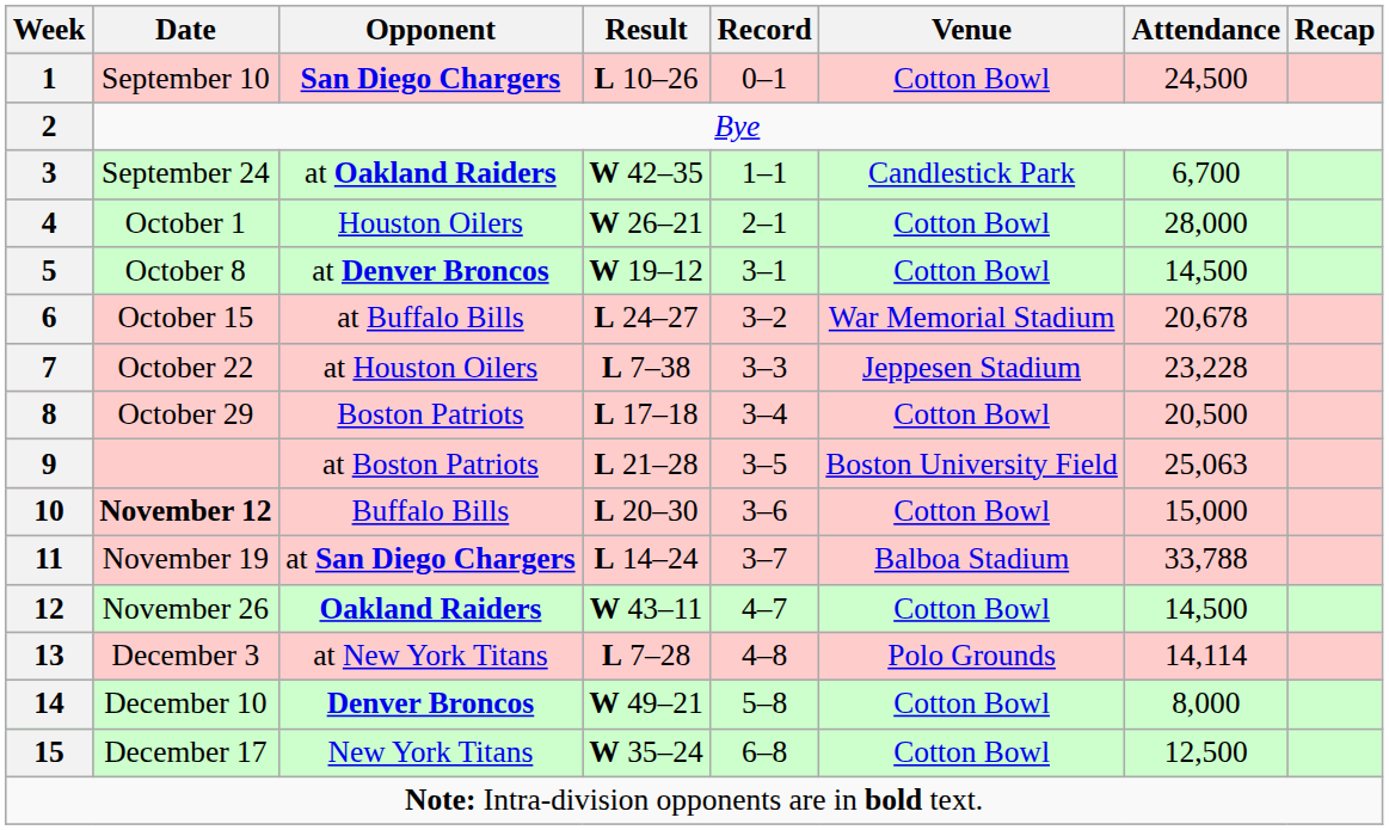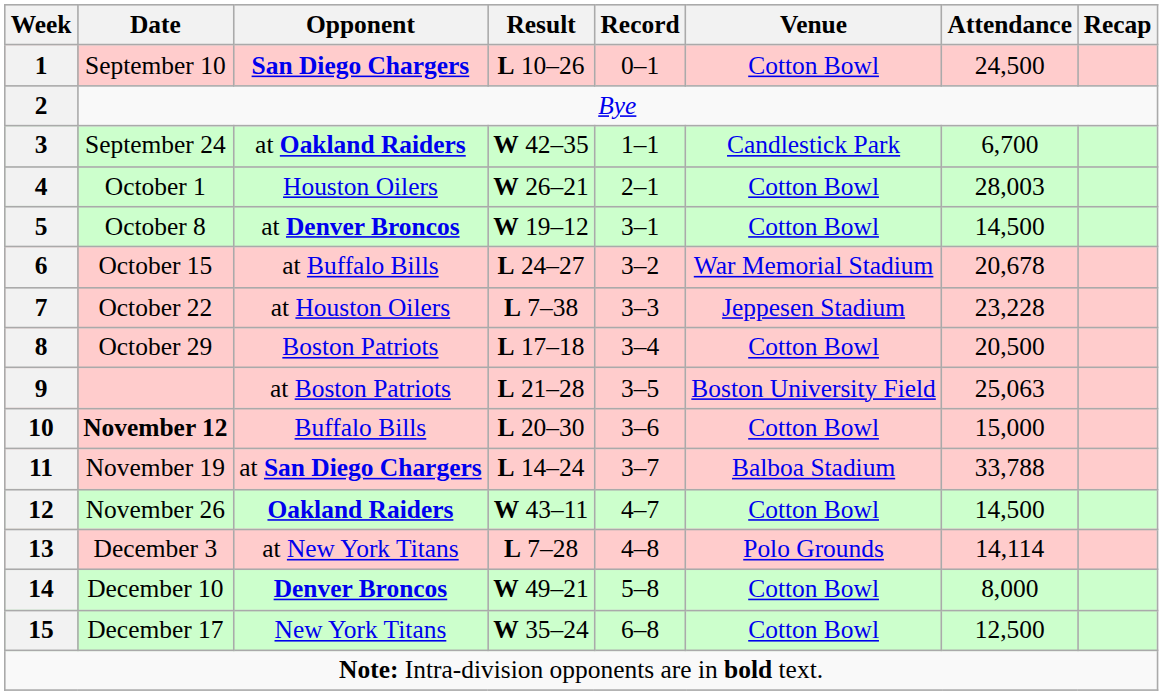 <table class="wikitable" style="text-align:center">
 <tr>
 <th>Week</th>
 <th>Date</th>
 <th>Opponent</th>
 <th>Result</th>
 <th>Record</th>
 <th>Venue</th>
 <th>Attendance</th>
 <th>Recap</th>
 </tr>
 <tr style="background:#fcc">
 <th>1</th>
 <td>September 10</td>
 <td><strong><a href='#'>San Diego Chargers</a></strong></td>
 <td><strong>L</strong> 10–26</td>
 <td>0–1</td>
 <td><a href='#'>Cotton Bowl</a></td>
 <td>24,500</td>
 <td></td>
 </tr>
 <tr>
 <th>2</th>
 <td colspan="7"><em><a href='#'>Bye</a></em></td>
 </tr>
 <tr style="background:#cfc">
 <th>3</th>
 <td>September 24</td>
 <td>at <strong><a href='#'>Oakland Raiders</a></strong></td>
 <td><strong>W</strong> 42–35</td>
 <td>1–1</td>
 <td><a href='#'>Candlestick Park</a></td>
 <td>6,700</td>
 <td></td>
 </tr>
 <tr style="background:#cfc">
 <th>4</th>
 <td>October 1</td>
 <td><a href='#'>Houston Oilers</a></td>
 <td><strong>W</strong> 26–21</td>
 <td>2–1</td>
 <td><a href='#'>Cotton Bowl</a></td>
-<td>28,000</td>
+<td>28,003</td>
 <td></td>
 </tr>
 <tr style="background:#cfc">
 <th>5</th>
 <td>October 8</td>
 <td>at <strong><a href='#'>Denver Broncos</a></strong></td>
 <td><strong>W</strong> 19–12</td>
 <td>3–1</td>
 <td><a href='#'>Cotton Bowl</a></td>
 <td>14,500</td>
 <td></td>
 </tr>
 <tr style="background:#fcc">
 <th>6</th>
 <td>October 15</td>
 <td>at <a href='#'>Buffalo Bills</a></td>
 <td><strong>L</strong> 24–27</td>
 <td>3–2</td>
 <td><a href='#'>War Memorial Stadium</a></td>
 <td>20,678</td>
 <td></td>
 </tr>
 <tr style="background:#fcc">
 <th>7</th>
 <td>October 22</td>
 <td>at <a href='#'>Houston Oilers</a></td>
 <td><strong>L</strong> 7–38</td>
 <td>3–3</td>
 <td><a href='#'>Jeppesen Stadium</a></td>
 <td>23,228</td>
 <td></td>
 </tr>
 <tr style="background:#fcc">
 <th>8</th>
 <td>October 29</td>
 <td><a href='#'>Boston Patriots</a></td>
 <td><strong>L</strong> 17–18</td>
 <td>3–4</td>
 <td><a href='#'>Cotton Bowl</a></td>
 <td>20,500</td>
 <td></td>
 </tr>
 <tr style="background:#fcc">
 <th>9</th>
 <td></td>
 <td>at <a href='#'>Boston Patriots</a></td>
 <td><strong>L</strong> 21–28</td>
 <td>3–5</td>
 <td><a href='#'>Boston University Field</a></td>
 <td>25,063</td>
 <td></td>
 </tr>
 <tr style="background:#fcc">
 <th>10</th>
 <td><strong>November 12</strong></td>
 <td><a href='#'>Buffalo Bills</a></td>
 <td><strong>L</strong> 20–30</td>
 <td>3–6</td>
 <td><a href='#'>Cotton Bowl</a></td>
 <td>15,000</td>
 <td></td>
 </tr>
 <tr style="background:#fcc">
 <th>11</th>
 <td>November 19</td>
 <td>at <strong><a href='#'>San Diego Chargers</a></strong></td>
 <td><strong>L</strong> 14–24</td>
 <td>3–7</td>
 <td><a href='#'>Balboa Stadium</a></td>
 <td>33,788</td>
 <td></td>
 </tr>
 <tr style="background:#cfc">
 <th>12</th>
 <td>November 26</td>
 <td><strong><a href='#'>Oakland Raiders</a></strong></td>
 <td><strong>W</strong> 43–11</td>
 <td>4–7</td>
 <td><a href='#'>Cotton Bowl</a></td>
 <td>14,500</td>
 <td></td>
 </tr>
 <tr style="background:#fcc">
 <th>13</th>
 <td>December 3</td>
 <td>at <a href='#'>New York Titans</a></td>
 <td><strong>L</strong> 7–28</td>
 <td>4–8</td>
 <td><a href='#'>Polo Grounds</a></td>
 <td>14,114</td>
 <td></td>
 </tr>
 <tr style="background:#cfc">
 <th>14</th>
 <td>December 10</td>
 <td><strong><a href='#'>Denver Broncos</a></strong></td>
 <td><strong>W</strong> 49–21</td>
 <td>5–8</td>
 <td><a href='#'>Cotton Bowl</a></td>
 <td>8,000</td>
 <td></td>
 </tr>
 <tr style="background:#cfc">
 <th>15</th>
 <td>December 17</td>
 <td><a href='#'>New York Titans</a></td>
 <td><strong>W</strong> 35–24</td>
 <td>6–8</td>
 <td><a href='#'>Cotton Bowl</a></td>
 <td>12,500</td>
 <td></td>
 </tr>
 <tr>
 <td colspan="8"><strong>Note:</strong> Intra-division opponents are in <strong>bold</strong> text.</td>
 </tr>
 </table>
